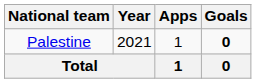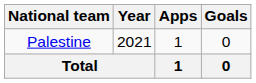 <table class="wikitable" style="text-align:center">
 <tr>
 <th>National team</th>
 <th>Year</th>
 <th>Apps</th>
 <th>Goals</th>
 </tr>
 <tr>
 <td rowspan="1"><a href='#'>Palestine</a></td>
 <td>2021</td>
 <td>1</td>
-<td><strong>0</strong></td>
+<td>0</td>
 </tr>
 <tr>
 <th colspan="2">Total</th>
 <th>1</th>
 <th>0</th>
 </tr>
 </table>
